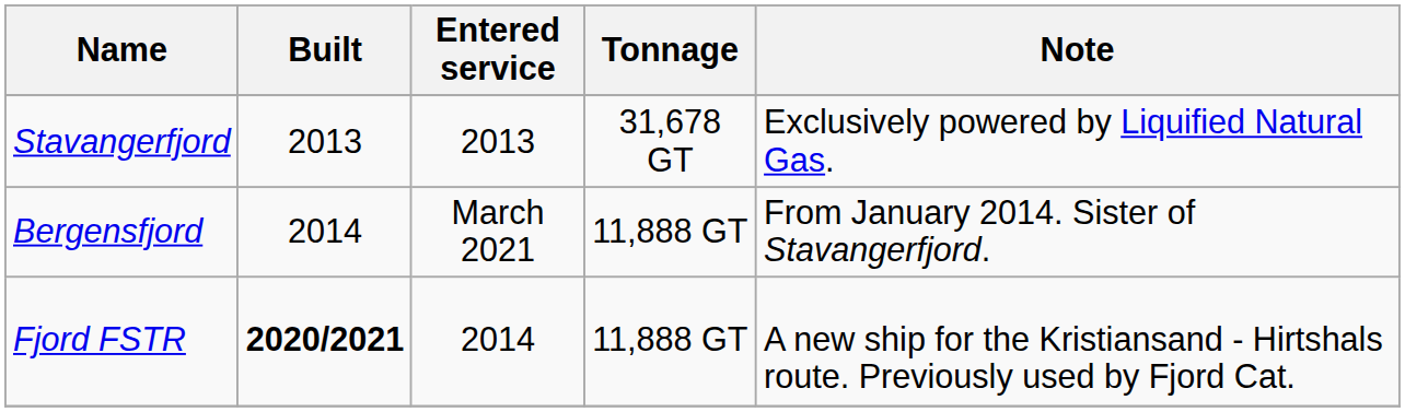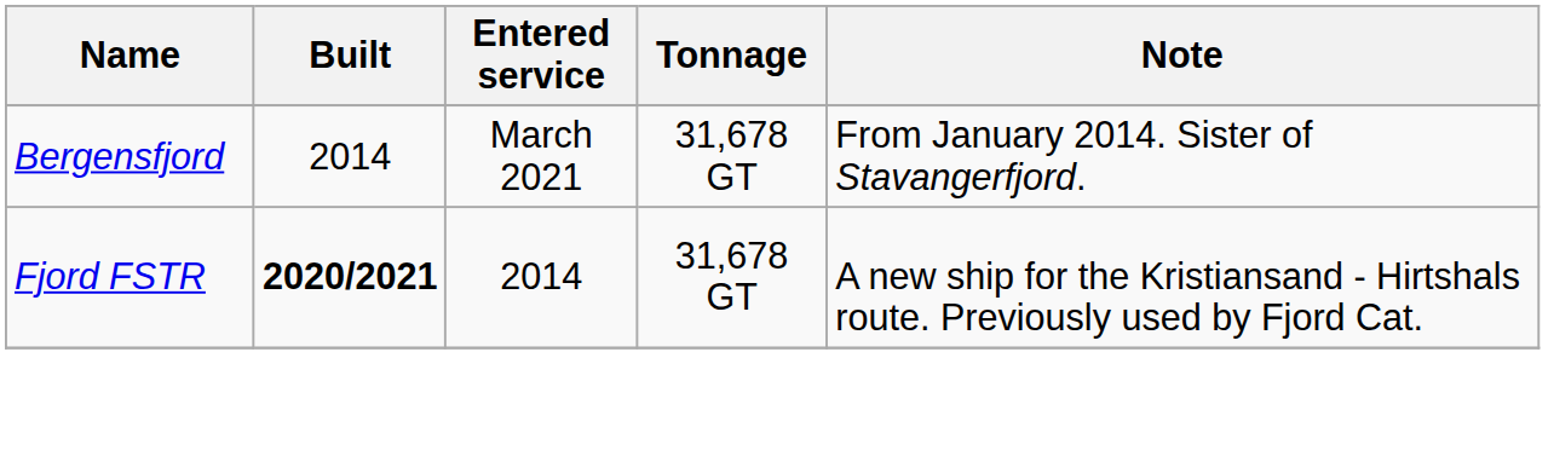 <table class="wikitable">
 <tr>
 <th scope="col" width="100">Name</th>
 <th scope="col" width="75">Built</th>
 <th scope="col" width="75">Entered service</th>
 <th scope="col" width="75">Tonnage</th>
 <th scope="col" width="300">Note</th>
 </tr>
 <tr>
 </tr>
 <tr>
-<td><em><a href='#'>Stavangerfjord</a></em></td>
-<td align="Center">2013</td>
-<td align="Center">2013</td>
-<td align="Center">31,678 GT</td>
-<td>Exclusively powered by <a href='#'>Liquified Natural Gas</a>.</td>
-</tr>
-<tr>
 <td><a href='#'><em>Bergensfjord</em></a></td>
 <td align="Center">2014</td>
 <td align="Center">March 2021</td>
-<td align="Center">11,888 GT</td>
+<td align="Center">31,678 GT</td>
 <td>From January 2014. Sister of <em>Stavangerfjord</em>.</td>
 </tr>
 <tr>
 <td><em><a href='#'>Fjord FSTR</a></em></td>
 <td align="Center"><strong>2020/2021</strong></td>
 <td align="Center">2014</td>
-<td align="Center">11,888 GT</td>
+<td align="Center">31,678 GT</td>
 <td><br>A new ship for the Kristiansand - Hirtshals route. Previously used by Fjord Cat.</td>
 </tr>
 <tr>
 </tr>
 </table>
